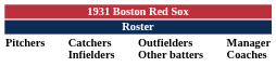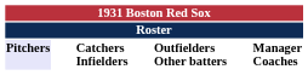 <table class="toccolours" style="text-align: left;">
 <tr>
 <th colspan="10" style="background-color: #ba313c; color: white; text-align: center;">1931 Boston Red Sox</th>
 </tr>
 <tr>
 <td colspan="10" style="background-color: #0d2b56; color: white; text-align: center;"><strong>Roster</strong></td>
 </tr>
 <tr>
-<td valign="top"><strong>Pitchers</strong><br>          </td>
+<td valign="top" style="background: lavender;"><strong>Pitchers</strong><br>          </td>
 <td width="25px"></td>
 <td valign="top"><strong>Catchers</strong><br>    <strong>Infielders</strong>           </td>
 <td width="25px"></td>
 <td valign="top"><strong>Outfielders</strong><br>         <strong>Other batters</strong>   </td>
 <td width="25px"></td>
 <td valign="top"><strong>Manager</strong><br> <strong>Coaches</strong>  </td>
 </tr>
 </table>
